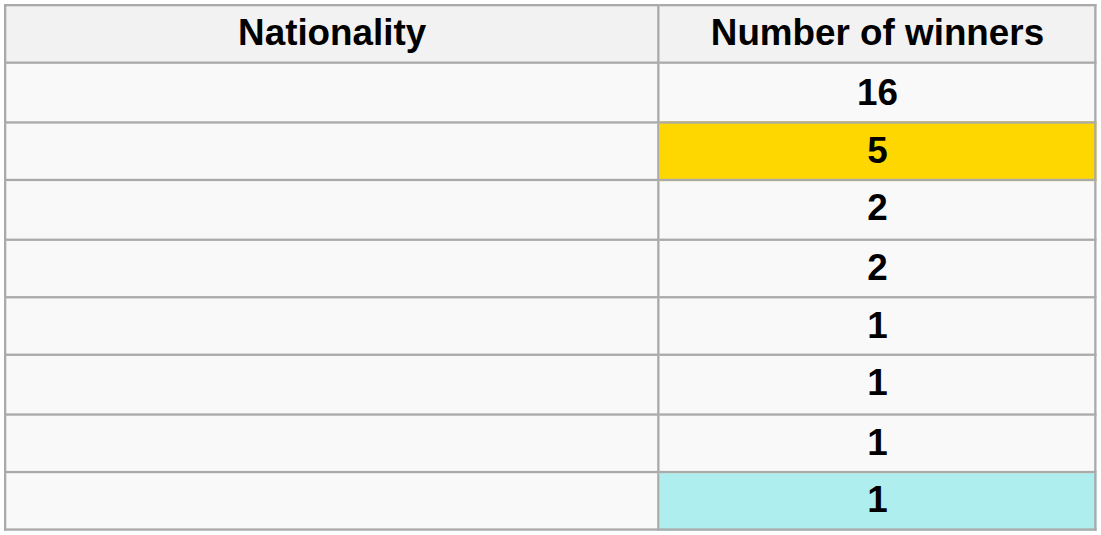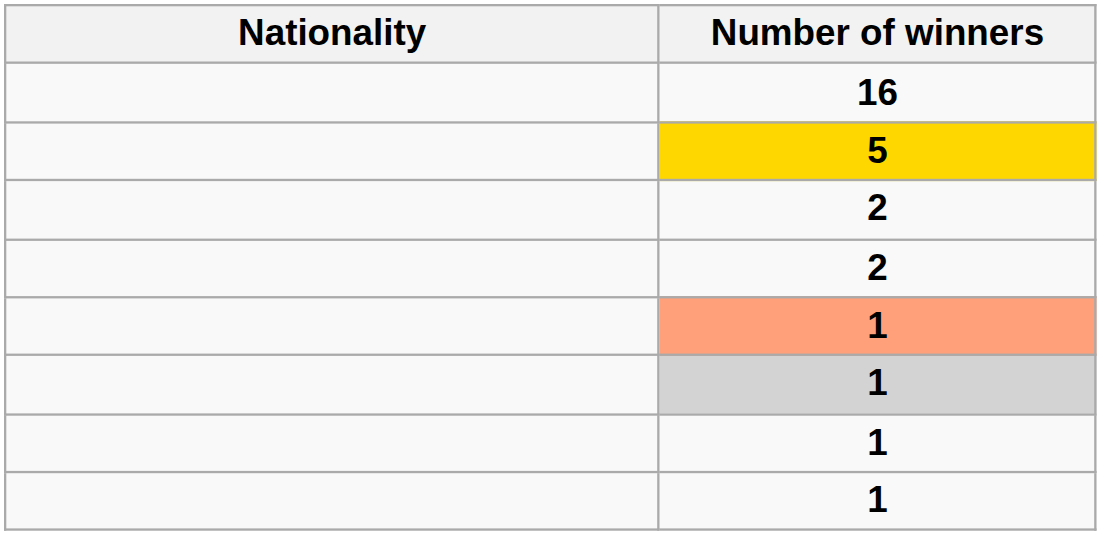 <table class="sortable wikitable" width=30%>
 <tr bgcolor="#efefef">
 <th ! width=8%>Nationality</th>
 <th width=5%>Number of winners</th>
 </tr>
 <tr>
 <td></td>
 <td align=center><strong>16</strong></td>
 </tr>
 <tr>
 <td></td>
 <td align=center style="background: gold;"><strong>5</strong></td>
 </tr>
 <tr>
 <td></td>
 <td align=center><strong>2</strong></td>
 </tr>
 <tr>
 <td></td>
 <td align=center><strong>2</strong></td>
 </tr>
 <tr>
 <td></td>
-<td align=center><strong>1</strong></td>
+<td align=center style="background: lightsalmon;"><strong>1</strong></td>
+</tr>
+<tr>
+<td></td>
+<td align=center style="background: lightgrey;"><strong>1</strong></td>
 </tr>
 <tr>
 <td></td>
 <td align=center><strong>1</strong></td>
 </tr>
 <tr>
 <td></td>
 <td align=center><strong>1</strong></td>
 </tr>
-<tr>
-<td></td>
-<td align=center style="background: paleturquoise;"><strong>1</strong></td>
-</tr>
 </table>
